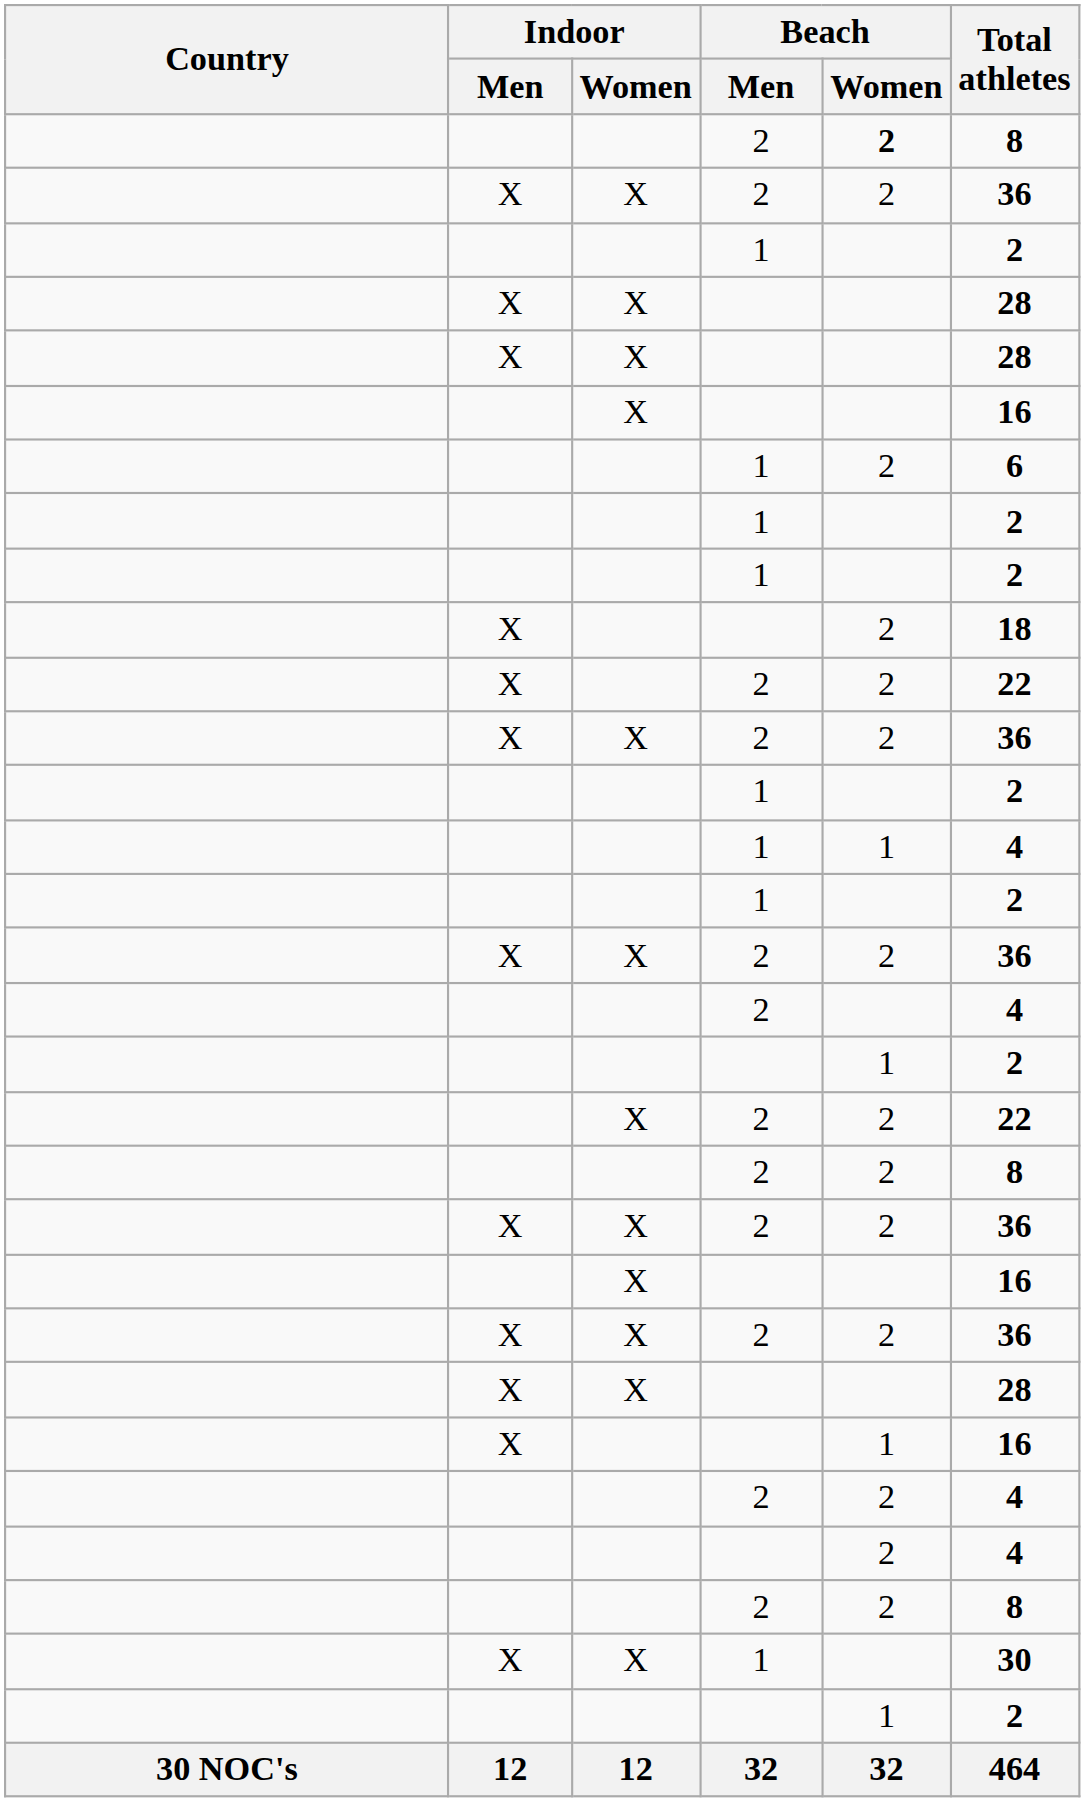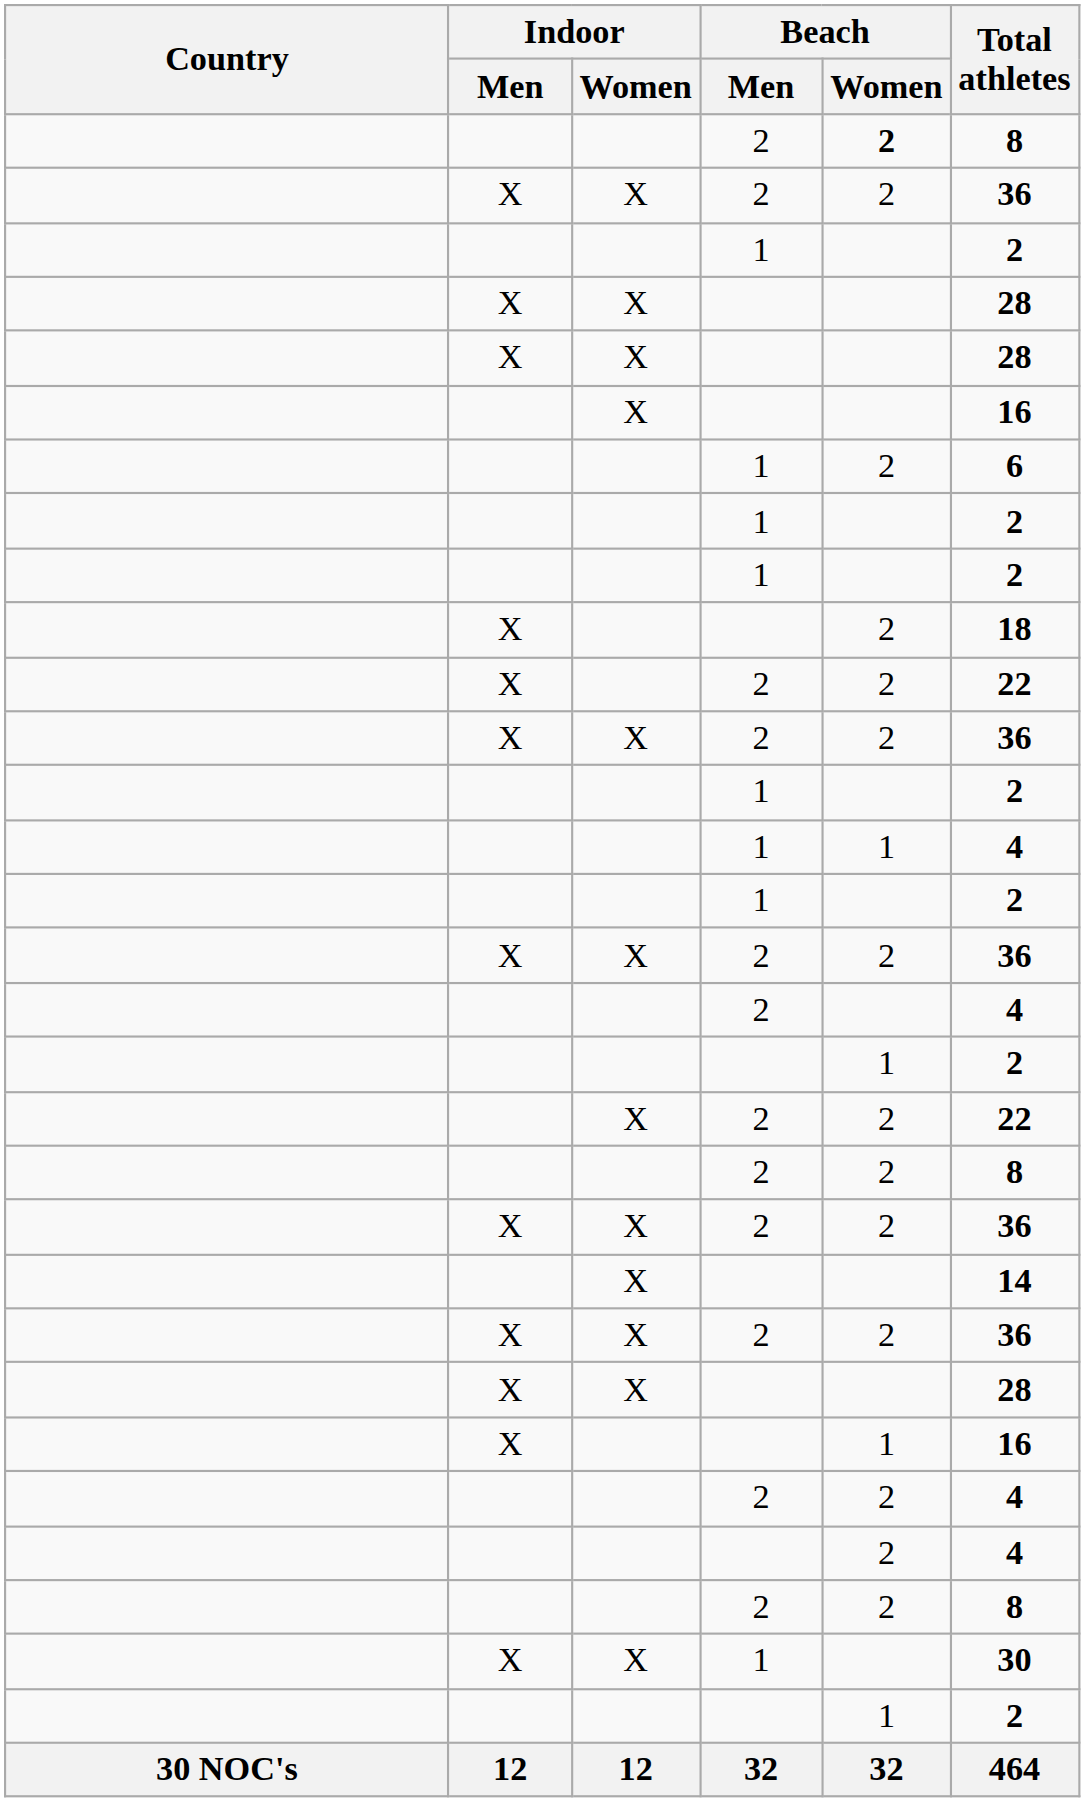 <table class="wikitable">
 <tr>
 <th rowspan=2 width=200>Country</th>
 <th colspan=2>Indoor</th>
 <th colspan=2>Beach</th>
 <th rowspan=2>Total<br>athletes</th>
 </tr>
 <tr>
 <th width=50>Men</th>
 <th width=50>Women</th>
 <th width=50>Men</th>
 <th width=50>Women</th>
 </tr>
 <tr align=center>
 <td align=left></td>
 <td></td>
 <td></td>
 <td>2</td>
 <td><strong>2</strong></td>
 <td><strong>8</strong></td>
 </tr>
 <tr align=center>
 <td align=left></td>
 <td>X</td>
 <td>X</td>
 <td>2</td>
 <td>2</td>
 <td><strong>36</strong></td>
 </tr>
 <tr align=center>
 <td align=left></td>
 <td></td>
 <td></td>
 <td>1</td>
 <td></td>
 <td><strong>2</strong></td>
 </tr>
 <tr align=center>
 <td align=left></td>
 <td>X</td>
 <td>X</td>
 <td></td>
 <td></td>
 <td><strong>28</strong></td>
 </tr>
 <tr align=center>
 <td align=left></td>
 <td>X</td>
 <td>X</td>
 <td></td>
 <td></td>
 <td><strong>28</strong></td>
 </tr>
 <tr align=center>
 <td align=left></td>
 <td></td>
 <td>X</td>
 <td></td>
 <td></td>
 <td><strong>16</strong></td>
 </tr>
 <tr align=center>
 <td align=left></td>
 <td></td>
 <td></td>
 <td>1</td>
 <td>2</td>
 <td><strong>6</strong></td>
 </tr>
 <tr align=center>
 <td align=left></td>
 <td></td>
 <td></td>
 <td>1</td>
 <td></td>
 <td><strong>2</strong></td>
 </tr>
 <tr align=center>
 <td align=left></td>
 <td></td>
 <td></td>
 <td>1</td>
 <td></td>
 <td><strong>2</strong></td>
 </tr>
 <tr align=center>
 <td align=left></td>
 <td>X</td>
 <td></td>
 <td></td>
 <td>2</td>
 <td><strong>18</strong></td>
 </tr>
 <tr align=center>
 <td align=left></td>
 <td>X</td>
 <td></td>
 <td>2</td>
 <td>2</td>
 <td><strong>22</strong></td>
 </tr>
 <tr align=center>
 <td align=left></td>
 <td>X</td>
 <td>X</td>
 <td>2</td>
 <td>2</td>
 <td><strong>36</strong></td>
 </tr>
 <tr align=center>
 <td align=left></td>
 <td></td>
 <td></td>
 <td>1</td>
 <td></td>
 <td><strong>2</strong></td>
 </tr>
 <tr align=center>
 <td align=left></td>
 <td></td>
 <td></td>
 <td>1</td>
 <td>1</td>
 <td><strong>4</strong></td>
 </tr>
 <tr align=center>
 <td align=left></td>
 <td></td>
 <td></td>
 <td>1</td>
 <td></td>
 <td><strong>2</strong></td>
 </tr>
 <tr align=center>
 <td align=left></td>
 <td>X</td>
 <td>X</td>
 <td>2</td>
 <td>2</td>
 <td><strong>36</strong></td>
 </tr>
 <tr align=center>
 <td align=left></td>
 <td></td>
 <td></td>
 <td>2</td>
 <td></td>
 <td><strong>4</strong></td>
 </tr>
 <tr align=center>
 <td align=left></td>
 <td></td>
 <td></td>
 <td></td>
 <td>1</td>
 <td><strong>2</strong></td>
 </tr>
 <tr align=center>
 <td align=left></td>
 <td></td>
 <td>X</td>
 <td>2</td>
 <td>2</td>
 <td><strong>22</strong></td>
 </tr>
 <tr align=center>
 <td align=left></td>
 <td></td>
 <td></td>
 <td>2</td>
 <td>2</td>
 <td><strong>8</strong></td>
 </tr>
 <tr align=center>
 <td align=left></td>
 <td>X</td>
 <td>X</td>
 <td>2</td>
 <td>2</td>
 <td><strong>36</strong></td>
 </tr>
 <tr align=center>
 <td align=left></td>
 <td></td>
 <td>X</td>
 <td></td>
 <td></td>
-<td><strong>16</strong></td>
+<td><strong>14</strong></td>
 </tr>
 <tr align=center>
 <td align=left></td>
 <td>X</td>
 <td>X</td>
 <td>2</td>
 <td>2</td>
 <td><strong>36</strong></td>
 </tr>
 <tr align=center>
 <td align=left></td>
 <td>X</td>
 <td>X</td>
 <td></td>
 <td></td>
 <td><strong>28</strong></td>
 </tr>
 <tr align=center>
 <td align=left></td>
 <td>X</td>
 <td></td>
 <td></td>
 <td>1</td>
 <td><strong>16</strong></td>
 </tr>
 <tr align=center>
 <td align=left></td>
 <td></td>
 <td></td>
 <td>2</td>
 <td>2</td>
 <td><strong>4</strong></td>
 </tr>
 <tr align=center>
 <td align=left></td>
 <td></td>
 <td></td>
 <td></td>
 <td>2</td>
 <td><strong>4</strong></td>
 </tr>
 <tr align=center>
 <td align=left></td>
 <td></td>
 <td></td>
 <td>2</td>
 <td>2</td>
 <td><strong>8</strong></td>
 </tr>
 <tr align=center>
 <td align=left></td>
 <td>X</td>
 <td>X</td>
 <td>1</td>
 <td></td>
 <td><strong>30</strong></td>
 </tr>
 <tr align=center>
 <td align=left></td>
 <td></td>
 <td></td>
 <td></td>
 <td>1</td>
 <td><strong>2</strong></td>
 </tr>
 <tr>
 <th>30 NOC's</th>
 <th>12</th>
 <th>12</th>
 <th>32</th>
 <th>32</th>
 <th>464</th>
 </tr>
 </table>
